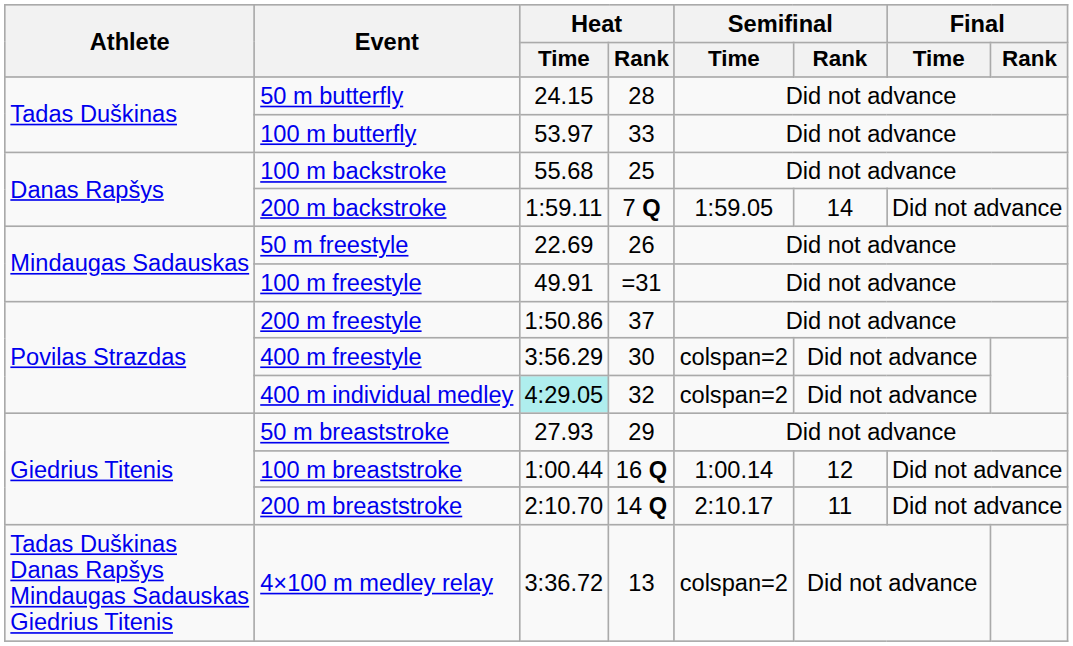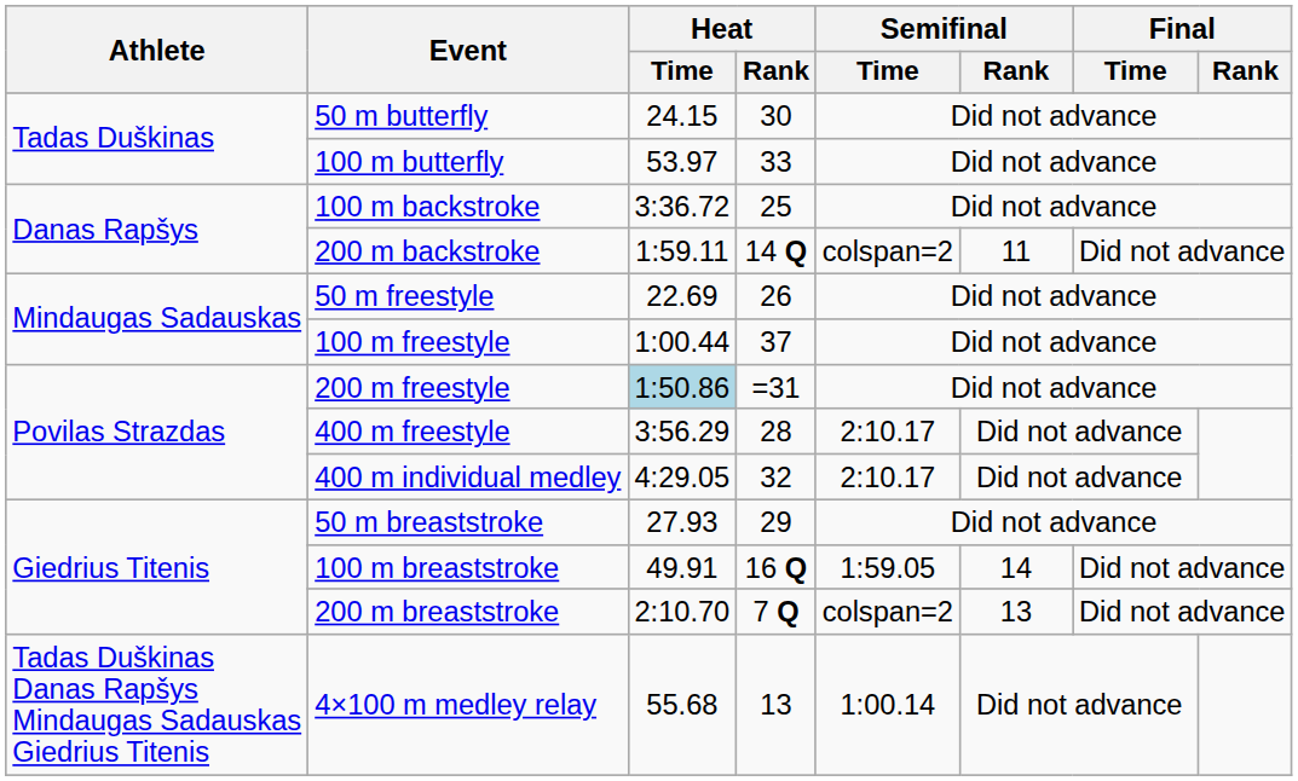 <table class=wikitable style="font-size:90%">
 <tr>
 <th rowspan="2">Athlete</th>
 <th rowspan="2">Event</th>
 <th colspan="2">Heat</th>
 <th colspan="2">Semifinal</th>
 <th colspan="2">Final</th>
 </tr>
 <tr style="font-size:95%">
 <th>Time</th>
 <th>Rank</th>
 <th>Time</th>
 <th>Rank</th>
 <th>Time</th>
 <th>Rank</th>
 </tr>
 <tr align=center>
 <td align=left rowspan=2><a href='#'>Tadas Duškinas</a></td>
 <td align=left><a href='#'>50 m butterfly</a></td>
 <td>24.15</td>
-<td>28</td>
+<td>30</td>
 <td colspan=4>Did not advance</td>
 </tr>
 <tr align=center>
 <td align=left><a href='#'>100 m butterfly</a></td>
 <td>53.97</td>
 <td>33</td>
 <td colspan=4>Did not advance</td>
 </tr>
 <tr align=center>
 <td align=left rowspan=2><a href='#'>Danas Rapšys</a></td>
 <td align=left><a href='#'>100 m backstroke</a></td>
-<td>55.68</td>
+<td>3:36.72</td>
 <td>25</td>
 <td colspan=4>Did not advance</td>
 </tr>
 <tr align=center>
 <td align=left><a href='#'>200 m backstroke</a></td>
 <td>1:59.11</td>
-<td>7 <strong>Q</strong></td>
-<td>1:59.05</td>
-<td>14</td>
+<td>14 <strong>Q</strong></td>
+<td>colspan=2 </td>
+<td>11</td>
 <td colspan=2>Did not advance</td>
 </tr>
 <tr align=center>
 <td align=left rowspan=2><a href='#'>Mindaugas Sadauskas</a></td>
 <td align=left><a href='#'>50 m freestyle</a></td>
 <td>22.69</td>
 <td>26</td>
 <td colspan=4>Did not advance</td>
 </tr>
 <tr align=center>
 <td align=left><a href='#'>100 m freestyle</a></td>
-<td>49.91</td>
-<td>=31</td>
+<td>1:00.44</td>
+<td>37</td>
 <td colspan=4>Did not advance</td>
 </tr>
 <tr align=center>
 <td align=left rowspan=3><a href='#'>Povilas Strazdas</a></td>
 <td align=left><a href='#'>200 m freestyle</a></td>
-<td>1:50.86</td>
-<td>37</td>
+<td style="background: lightblue;">1:50.86</td>
+<td>=31</td>
 <td colspan=4>Did not advance</td>
 </tr>
 <tr align=center>
 <td align=left><a href='#'>400 m freestyle</a></td>
 <td>3:56.29</td>
-<td>30</td>
-<td>colspan=2 </td>
+<td>28</td>
+<td>2:10.17</td>
 <td colspan=2>Did not advance</td>
 </tr>
 <tr align=center>
 <td align=left><a href='#'>400 m individual medley</a></td>
-<td style="background: paleturquoise;">4:29.05</td>
+<td>4:29.05</td>
 <td>32</td>
-<td>colspan=2 </td>
+<td>2:10.17</td>
 <td colspan=2>Did not advance</td>
 </tr>
 <tr align=center>
 <td align=left rowspan=3><a href='#'>Giedrius Titenis</a></td>
 <td align=left><a href='#'>50 m breaststroke</a></td>
 <td>27.93</td>
 <td>29</td>
 <td colspan=4>Did not advance</td>
 </tr>
 <tr align=center>
 <td align=left><a href='#'>100 m breaststroke</a></td>
-<td>1:00.44</td>
+<td>49.91</td>
 <td>16 <strong>Q</strong></td>
-<td>1:00.14</td>
-<td>12</td>
+<td>1:59.05</td>
+<td>14</td>
 <td colspan=2>Did not advance</td>
 </tr>
 <tr align=center>
 <td align=left><a href='#'>200 m breaststroke</a></td>
 <td>2:10.70</td>
-<td>14 <strong>Q</strong></td>
-<td>2:10.17</td>
-<td>11</td>
+<td>7 <strong>Q</strong></td>
+<td>colspan=2 </td>
+<td>13</td>
 <td colspan=2>Did not advance</td>
 </tr>
 <tr align=center>
 <td align=left><a href='#'>Tadas Duškinas</a><br><a href='#'>Danas Rapšys</a><br><a href='#'>Mindaugas Sadauskas</a><br><a href='#'>Giedrius Titenis</a></td>
 <td align=left><a href='#'>4×100 m medley relay</a></td>
-<td>3:36.72</td>
+<td>55.68</td>
 <td>13</td>
-<td>colspan=2 </td>
+<td>1:00.14</td>
 <td colspan=2>Did not advance</td>
 </tr>
 </table>
